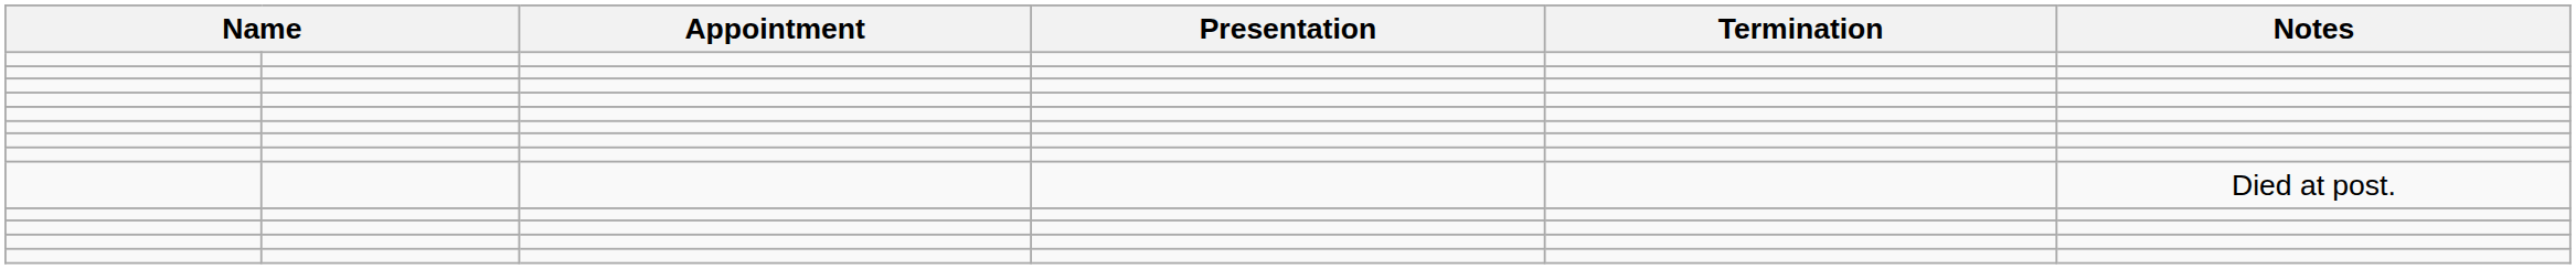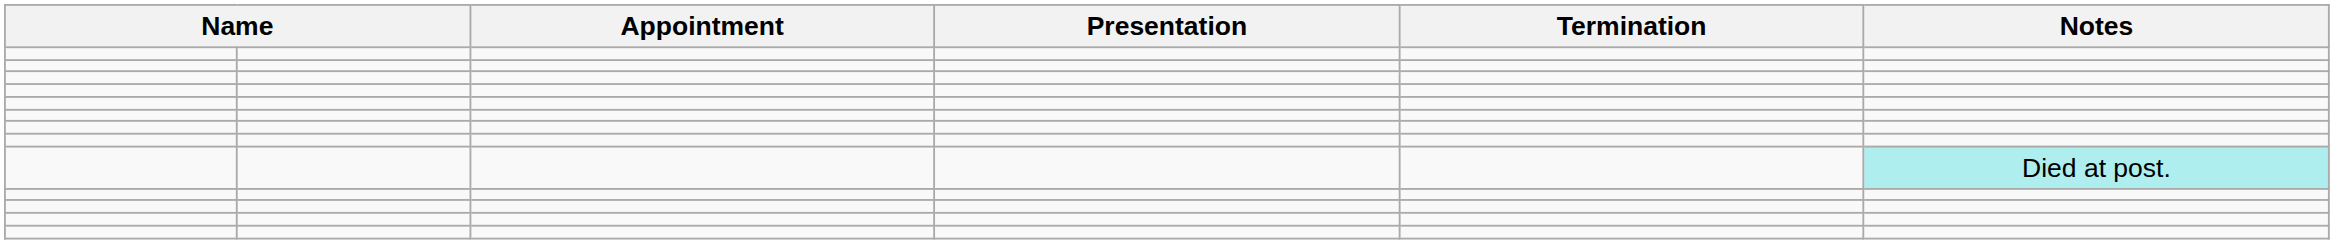 <table class="wikitable sortable" style="font-size:90%; text-align:center; width:100%;">
 <tr>
 <th colspan=2>Name</th>
 <th style="width:20%;">Appointment</th>
 <th style="width:20%;">Presentation</th>
 <th style="width:20%;">Termination</th>
 <th class="unsortable" style="width:20%;">Notes</th>
 </tr>
 <tr>
 <td></td>
 <td></td>
 <td></td>
 <td></td>
 <td></td>
 <td></td>
 </tr>
 <tr>
 <td></td>
 <td></td>
 <td></td>
 <td></td>
 <td></td>
 <td></td>
 </tr>
 <tr>
 <td></td>
 <td></td>
 <td></td>
 <td></td>
 <td></td>
 <td></td>
 </tr>
 <tr>
 <td></td>
 <td></td>
 <td></td>
 <td></td>
 <td></td>
 <td></td>
 </tr>
 <tr>
 <td></td>
 <td></td>
 <td></td>
 <td></td>
 <td></td>
 <td></td>
 </tr>
 <tr>
 <td></td>
 <td></td>
 <td></td>
 <td></td>
 <td></td>
 <td></td>
 </tr>
 <tr>
 <td></td>
 <td></td>
 <td></td>
 <td></td>
 <td></td>
 <td></td>
 </tr>
 <tr>
 <td></td>
 <td></td>
 <td></td>
 <td></td>
 <td></td>
 <td></td>
 </tr>
 <tr>
 <td></td>
 <td></td>
 <td></td>
 <td></td>
 <td></td>
-<td>Died at post.</td>
+<td style="background: paleturquoise;">Died at post.</td>
 </tr>
 <tr>
 <td></td>
 <td></td>
 <td></td>
 <td></td>
 <td></td>
 <td></td>
 </tr>
 <tr>
 <td></td>
 <td></td>
 <td></td>
 <td></td>
 <td></td>
 <td></td>
 </tr>
 <tr>
 <td></td>
 <td></td>
 <td></td>
 <td></td>
 <td></td>
 <td></td>
 </tr>
 <tr>
 <td></td>
 <td></td>
 <td></td>
 <td></td>
 <td></td>
 <td></td>
 </tr>
 </table>
